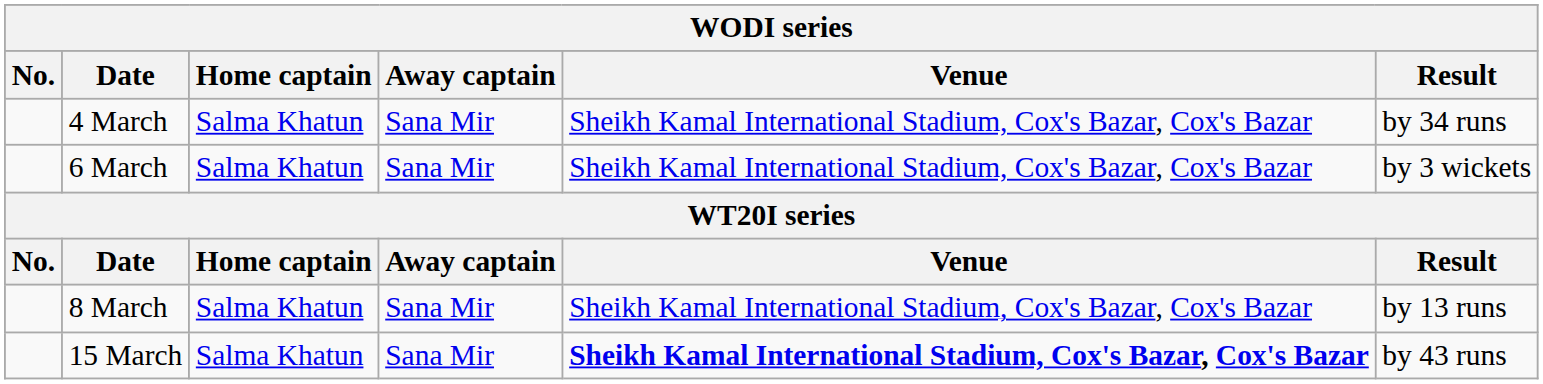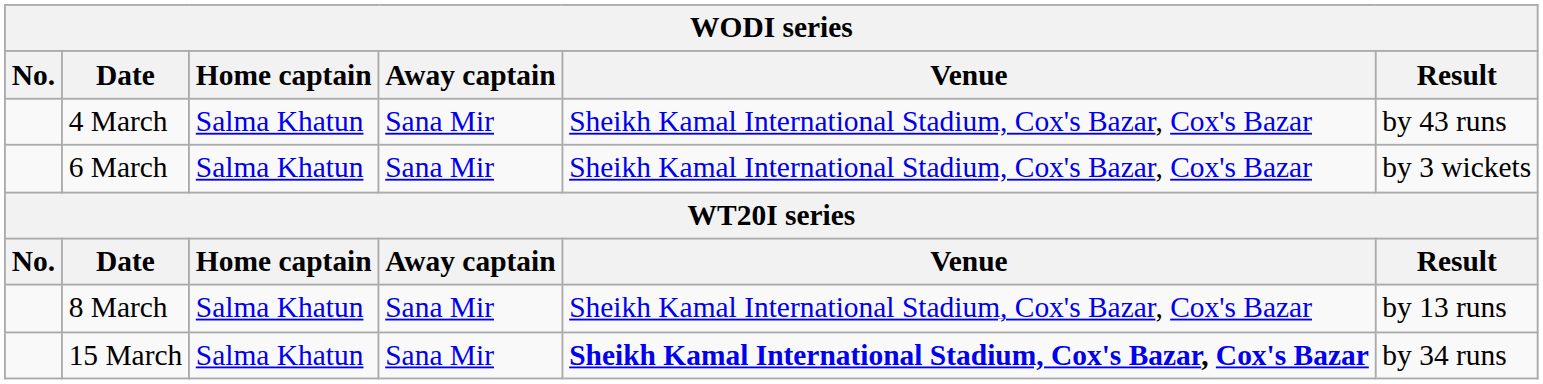 <table class="wikitable">
 <tr>
 <th colspan="9">WODI series</th>
 </tr>
 <tr>
 <th>No.</th>
 <th>Date</th>
 <th>Home captain</th>
 <th>Away captain</th>
 <th>Venue</th>
 <th>Result</th>
 </tr>
 <tr>
 <td></td>
 <td>4 March</td>
 <td><a href='#'>Salma Khatun</a></td>
 <td><a href='#'>Sana Mir</a></td>
 <td><a href='#'>Sheikh Kamal International Stadium, Cox's Bazar</a>, <a href='#'>Cox's Bazar</a></td>
-<td> by 34 runs</td>
+<td> by 43 runs</td>
 </tr>
 <tr>
 <td></td>
 <td>6 March</td>
 <td><a href='#'>Salma Khatun</a></td>
 <td><a href='#'>Sana Mir</a></td>
 <td><a href='#'>Sheikh Kamal International Stadium, Cox's Bazar</a>, <a href='#'>Cox's Bazar</a></td>
 <td> by 3 wickets</td>
 </tr>
 <tr>
 <th colspan="9">WT20I series</th>
 </tr>
 <tr>
 <th>No.</th>
 <th>Date</th>
 <th>Home captain</th>
 <th>Away captain</th>
 <th>Venue</th>
 <th>Result</th>
 </tr>
 <tr>
 <td></td>
 <td>8 March</td>
 <td><a href='#'>Salma Khatun</a></td>
 <td><a href='#'>Sana Mir</a></td>
 <td><a href='#'>Sheikh Kamal International Stadium, Cox's Bazar</a>, <a href='#'>Cox's Bazar</a></td>
 <td> by 13 runs</td>
 </tr>
 <tr>
 <td></td>
 <td>15 March</td>
 <td><a href='#'>Salma Khatun</a></td>
 <td><a href='#'>Sana Mir</a></td>
 <td><strong><a href='#'>Sheikh Kamal International Stadium, Cox's Bazar</a>, <a href='#'>Cox's Bazar</a></strong></td>
-<td> by 43 runs</td>
+<td> by 34 runs</td>
 </tr>
 </table>
